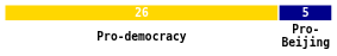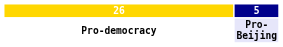 <table style="width:60%; text-align:center;">
 <tr style="color:white;">
 <td style="background:gold; width:84%;"><strong>26</strong></td>
 <td style="background:darkblue; width:16%;"><strong>5</strong></td>
 </tr>
 <tr>
 <td><span><strong>Pro-democracy</strong></span></td>
-<td><span><strong>Pro-Beijing</strong></span></td>
+<td style="background: lavender;"><span><strong>Pro-Beijing</strong></span></td>
 </tr>
 </table>
